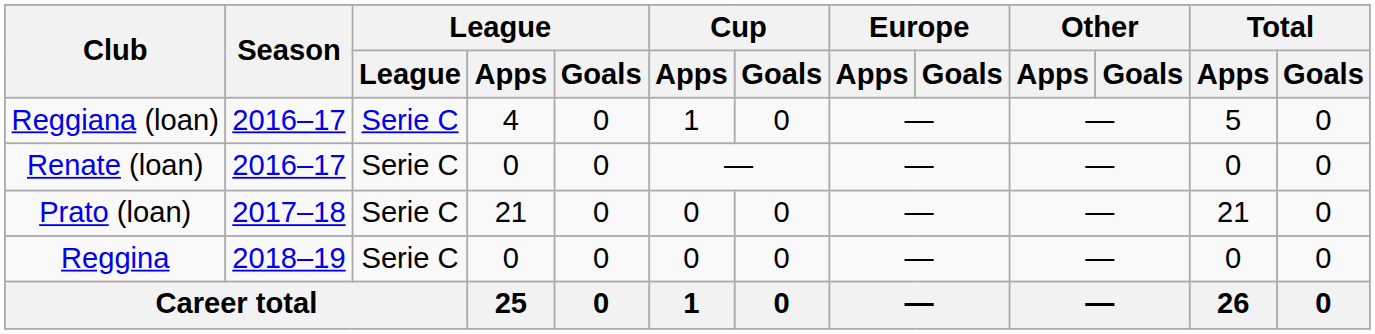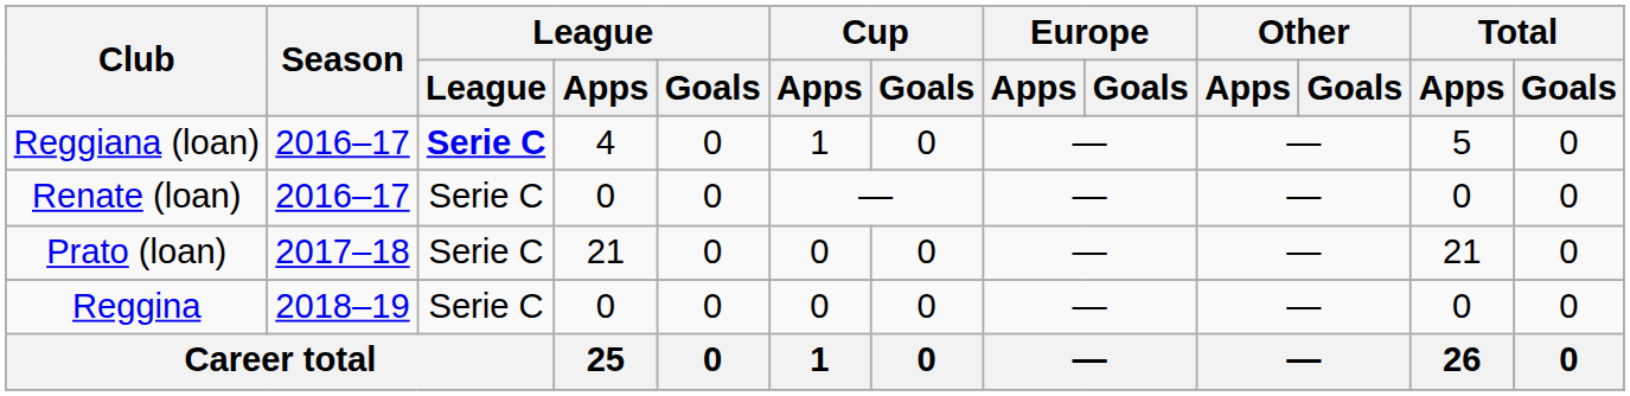 <table class="wikitable" style="text-align: center;">
 <tr>
 <th rowspan="2">Club</th>
 <th rowspan="2">Season</th>
 <th colspan="3">League</th>
 <th colspan="2">Cup</th>
 <th colspan="2">Europe</th>
 <th colspan="2">Other</th>
 <th colspan="2">Total</th>
 </tr>
 <tr>
 <th>League</th>
 <th>Apps</th>
 <th>Goals</th>
 <th>Apps</th>
 <th>Goals</th>
 <th>Apps</th>
 <th>Goals</th>
 <th>Apps</th>
 <th>Goals</th>
 <th>Apps</th>
 <th>Goals</th>
 </tr>
 <tr>
 <td><a href='#'>Reggiana</a> (loan)</td>
 <td><a href='#'>2016–17</a></td>
-<td><a href='#'>Serie C</a></td>
+<td><strong><a href='#'>Serie C</a></strong></td>
 <td>4</td>
 <td>0</td>
 <td>1</td>
 <td>0</td>
 <td colspan="2">—</td>
 <td colspan="2">—</td>
 <td>5</td>
 <td>0</td>
 </tr>
 <tr>
 <td><a href='#'>Renate</a> (loan)</td>
 <td><a href='#'>2016–17</a></td>
 <td>Serie C</td>
 <td>0</td>
 <td>0</td>
 <td colspan="2">—</td>
 <td colspan="2">—</td>
 <td colspan="2">—</td>
 <td>0</td>
 <td>0</td>
 </tr>
 <tr>
 <td><a href='#'>Prato</a> (loan)</td>
 <td><a href='#'>2017–18</a></td>
 <td>Serie C</td>
 <td>21</td>
 <td>0</td>
 <td>0</td>
 <td>0</td>
 <td colspan="2">—</td>
 <td colspan="2">—</td>
 <td>21</td>
 <td>0</td>
 </tr>
 <tr>
 <td><a href='#'>Reggina</a></td>
 <td><a href='#'>2018–19</a></td>
 <td>Serie C</td>
 <td>0</td>
 <td>0</td>
 <td>0</td>
 <td>0</td>
 <td colspan="2">—</td>
 <td colspan="2">—</td>
 <td>0</td>
 <td>0</td>
 </tr>
 <tr>
 <th colspan="3">Career total</th>
 <th>25</th>
 <th>0</th>
 <th>1</th>
 <th>0</th>
 <th colspan="2">—</th>
 <th colspan="2">—</th>
 <th>26</th>
 <th>0</th>
 </tr>
 </table>
